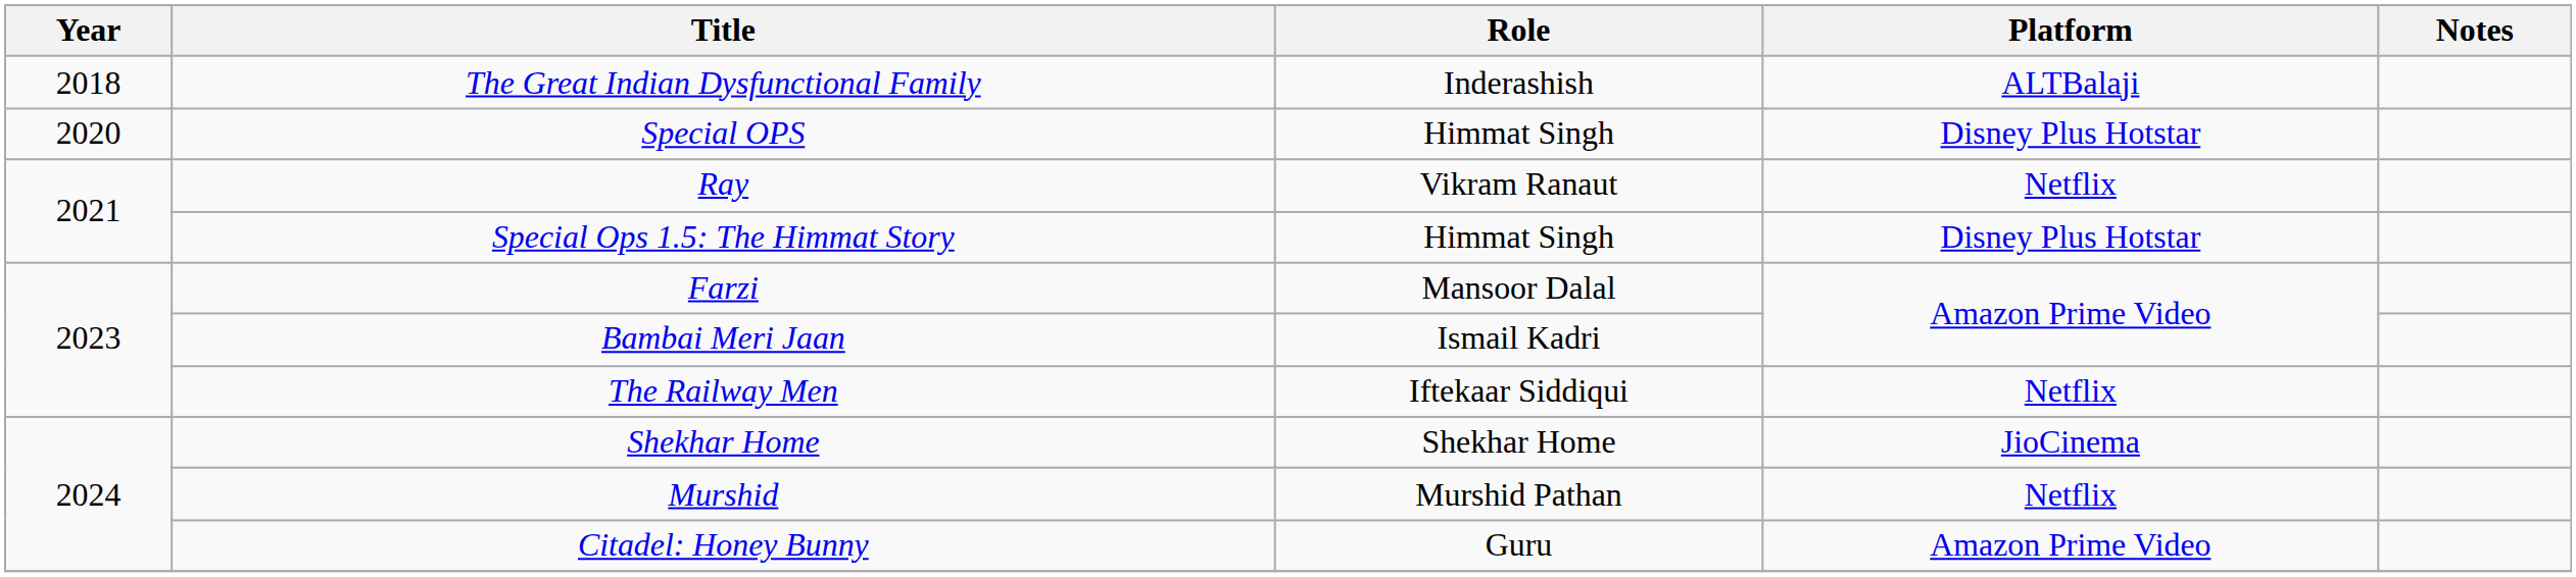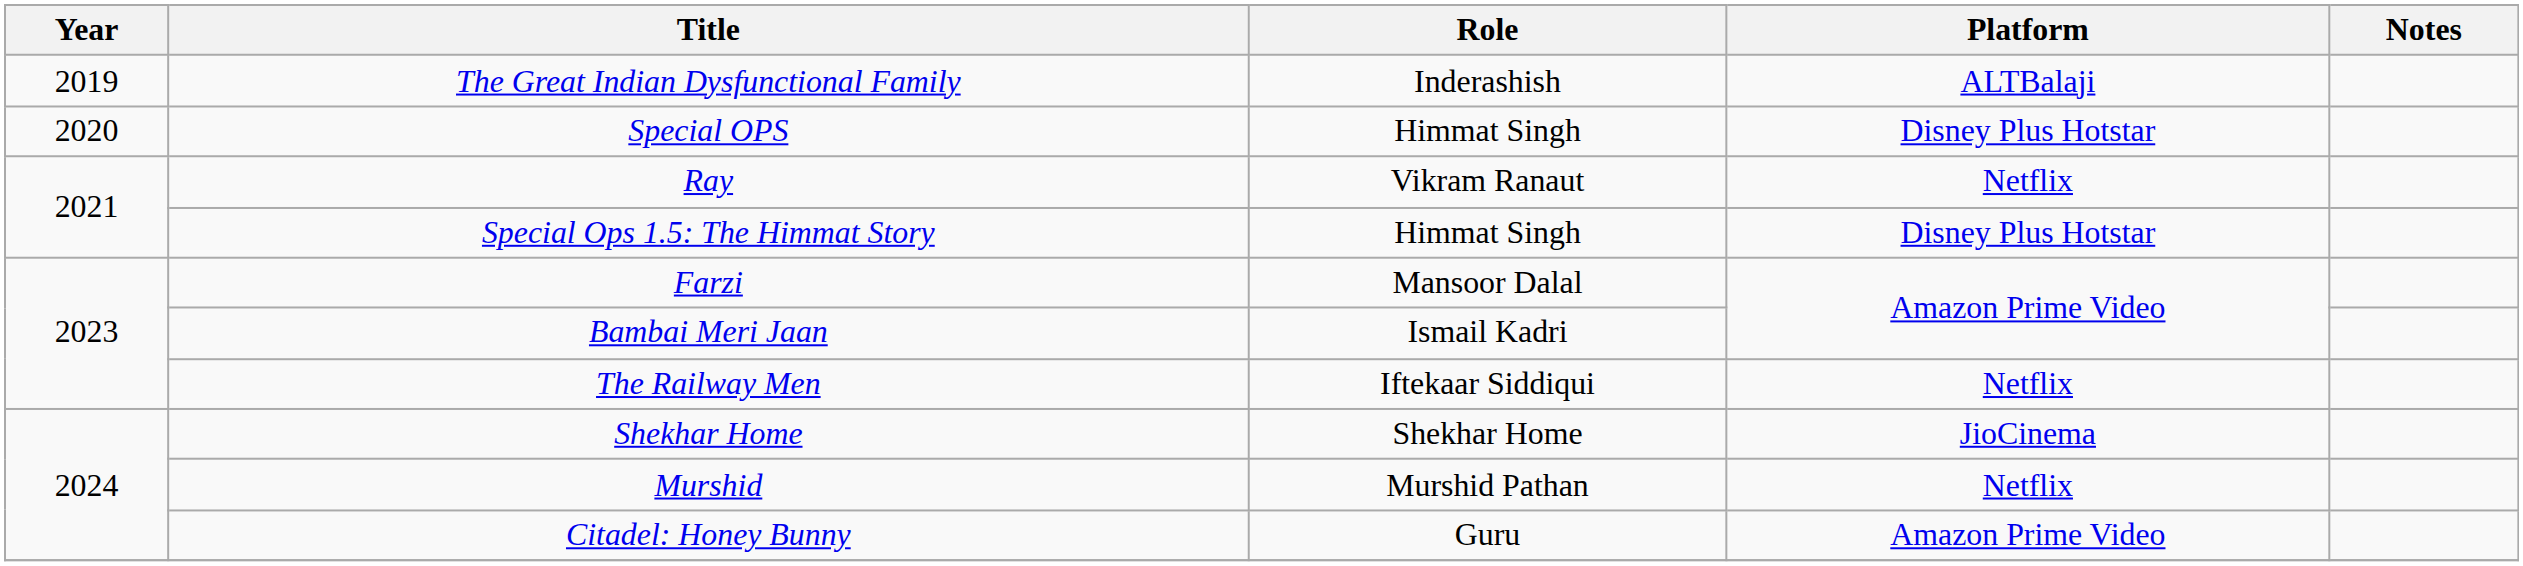 <table class="wikitable sortable" style="width: 100%; text-align: center;">
 <tr>
 <th>Year</th>
 <th>Title</th>
 <th>Role</th>
 <th>Platform</th>
 <th>Notes</th>
 </tr>
 <tr>
-<td>2018</td>
+<td>2019</td>
 <td><em><a href='#'>The Great Indian Dysfunctional Family</a></em></td>
 <td>Inderashish</td>
 <td><a href='#'>ALTBalaji</a></td>
 <td></td>
 </tr>
 <tr>
 <td>2020</td>
 <td><em><a href='#'>Special OPS</a></em></td>
 <td>Himmat Singh</td>
 <td><a href='#'>Disney Plus Hotstar</a></td>
 <td></td>
 </tr>
 <tr>
 <td rowspan="2">2021</td>
 <td><em><a href='#'>Ray</a></em></td>
 <td>Vikram Ranaut</td>
 <td><a href='#'>Netflix</a></td>
 <td></td>
 </tr>
 <tr>
 <td><em><a href='#'>Special Ops 1.5: The Himmat Story</a></em></td>
 <td>Himmat Singh</td>
 <td><a href='#'>Disney Plus Hotstar</a></td>
 <td></td>
 </tr>
 <tr>
 <td rowspan="3">2023</td>
 <td><em><a href='#'>Farzi</a></em></td>
 <td>Mansoor Dalal</td>
 <td rowspan="2"><a href='#'>Amazon Prime Video</a></td>
 <td></td>
 </tr>
 <tr>
 <td><em><a href='#'>Bambai Meri Jaan</a></em></td>
 <td>Ismail Kadri</td>
 <td></td>
 </tr>
 <tr>
 <td><em><a href='#'>The Railway Men</a></em></td>
 <td>Iftekaar Siddiqui</td>
 <td><a href='#'>Netflix</a></td>
 <td></td>
 </tr>
 <tr>
 <td rowspan="3">2024</td>
 <td><em><a href='#'>Shekhar Home</a></em></td>
 <td>Shekhar Home</td>
 <td><a href='#'>JioCinema</a></td>
 <td></td>
 </tr>
 <tr>
 <td><em><a href='#'>Murshid</a></em></td>
 <td>Murshid Pathan</td>
 <td><a href='#'>Netflix</a></td>
 <td></td>
 </tr>
 <tr>
 <td><em><a href='#'>Citadel: Honey Bunny</a></em></td>
 <td>Guru</td>
 <td><a href='#'>Amazon Prime Video</a></td>
 <td></td>
 </tr>
 <tr>
 </tr>
 </table>
